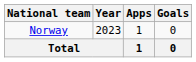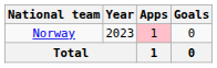 <table class="wikitable" style="text-align:center">
 <tr>
 <th>National team</th>
 <th>Year</th>
 <th>Apps</th>
 <th>Goals</th>
 </tr>
 <tr>
 <td><a href='#'>Norway</a></td>
 <td>2023</td>
-<td>1</td>
+<td style="background: pink;">1</td>
 <td>0</td>
 </tr>
 <tr>
 <th colspan="2">Total</th>
 <th>1</th>
 <th>0</th>
 </tr>
 </table>
